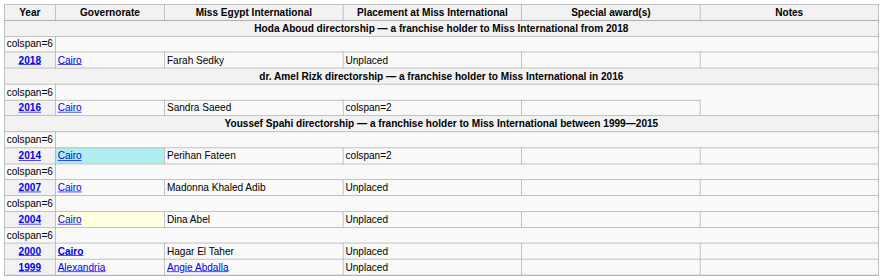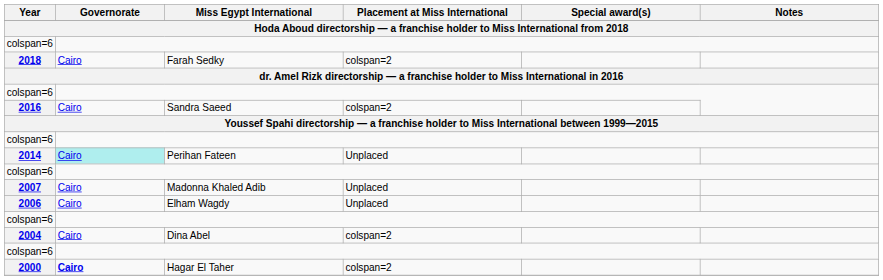 <table class="wikitable " style="font-size: 90%;">
 <tr>
 <th width="60">Year</th>
 <th width="150">Governorate</th>
 <th width="250">Miss Egypt International</th>
 <th width="250">Placement at Miss International</th>
 <th width="250">Special award(s)</th>
 <th width="250">Notes</th>
 </tr>
 <tr>
 </tr>
 <tr>
 <th colspan="6">Hoda Aboud directorship — a franchise holder to Miss International from 2018</th>
 </tr>
 <tr>
 <td>colspan=6 </td>
 </tr>
 <tr>
 <th><a href='#'>2018</a></th>
 <td><a href='#'>Cairo</a></td>
 <td>Farah Sedky</td>
-<td>Unplaced</td>
+<td>colspan=2 </td>
 <td></td>
 <td></td>
 </tr>
 <tr>
 <th colspan="6">dr. Amel Rizk directorship — a franchise holder to Miss International in 2016</th>
 </tr>
 <tr>
 <td>colspan=6 </td>
 </tr>
 <tr>
 <th><a href='#'>2016</a></th>
 <td><a href='#'>Cairo</a></td>
 <td>Sandra Saeed</td>
 <td>colspan=2 </td>
 <td></td>
 </tr>
 <tr>
 <th colspan="6">Youssef Spahi directorship — a franchise holder to Miss International between 1999―2015</th>
 </tr>
 <tr>
 <td>colspan=6 </td>
 </tr>
 <tr>
 <th><a href='#'>2014</a></th>
 <td style="background: paleturquoise;"><a href='#'>Cairo</a></td>
 <td>Perihan Fateen</td>
-<td>colspan=2 </td>
+<td>Unplaced</td>
 <td></td>
 <td></td>
 </tr>
 <tr>
 <td>colspan=6 </td>
 </tr>
 <tr>
 <th><a href='#'>2007</a></th>
 <td><a href='#'>Cairo</a></td>
 <td>Madonna Khaled Adib</td>
 <td>Unplaced</td>
 <td></td>
 <td></td>
 </tr>
 <tr>
+<th><a href='#'>2006</a></th>
+<td><a href='#'>Cairo</a></td>
+<td>Elham Wagdy</td>
+<td>Unplaced</td>
+<td></td>
+<td></td>
+</tr>
+<tr>
 <td>colspan=6 </td>
 </tr>
 <tr>
 <th><a href='#'>2004</a></th>
-<td style="background: lightyellow;"><a href='#'>Cairo</a></td>
+<td><a href='#'>Cairo</a></td>
 <td>Dina Abel</td>
-<td>Unplaced</td>
+<td>colspan=2 </td>
 <td></td>
 <td></td>
 </tr>
 <tr>
 <td>colspan=6 </td>
 </tr>
 <tr>
 <th><a href='#'>2000</a></th>
 <td><strong><a href='#'>Cairo</a></strong></td>
 <td>Hagar El Taher</td>
-<td>Unplaced</td>
-<td></td>
-<td></td>
-</tr>
-<tr>
-<th><a href='#'>1999</a></th>
-<td><a href='#'>Alexandria</a></td>
-<td><a href='#'>Angie Abdalla</a></td>
-<td>Unplaced</td>
+<td>colspan=2 </td>
 <td></td>
 <td></td>
 </tr>
 <tr>
 </tr>
 </table>
